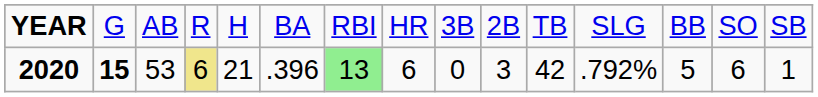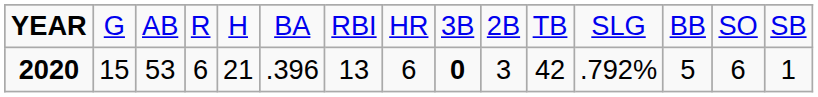 <table class="wikitable">
 <tr align=center>
 <td><strong>YEAR</strong></td>
 <td><a href='#'>G</a></td>
 <td><a href='#'>AB</a></td>
 <td><a href='#'>R</a></td>
 <td><a href='#'>H</a></td>
 <td><a href='#'>BA</a></td>
 <td><a href='#'>RBI</a></td>
 <td><a href='#'>HR</a></td>
 <td><a href='#'>3B</a></td>
 <td><a href='#'>2B</a></td>
 <td><a href='#'>TB</a></td>
 <td><a href='#'>SLG</a></td>
 <td><a href='#'>BB</a></td>
 <td><a href='#'>SO</a></td>
 <td><a href='#'>SB</a></td>
 </tr>
 <tr align=center>
 <td><strong>2020</strong></td>
-<td><strong>15</strong></td>
+<td>15</td>
 <td>53</td>
-<td style="background: khaki;">6</td>
+<td>6</td>
 <td>21</td>
 <td>.396</td>
-<td style="background: lightgreen;">13</td>
+<td>13</td>
 <td>6</td>
-<td>0</td>
+<td><strong>0</strong></td>
 <td>3</td>
 <td>42</td>
 <td>.792%</td>
 <td>5</td>
 <td>6</td>
 <td>1</td>
 </tr>
 </table>
